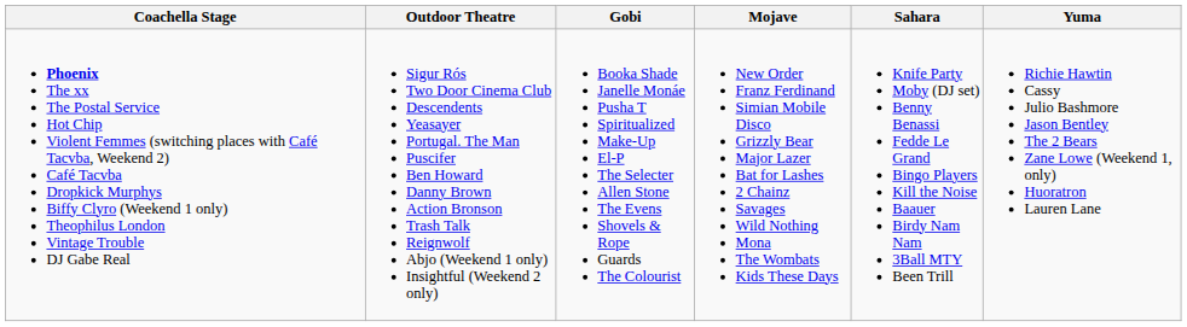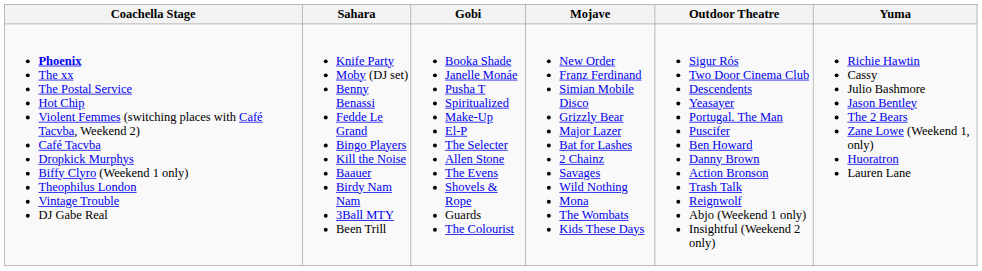 <table class="wikitable">
 <tr>
 <th>Coachella Stage</th>
-<th>Outdoor Theatre</th>
+<th>Sahara</th>
 <th>Gobi</th>
 <th>Mojave</th>
-<th>Sahara</th>
+<th>Outdoor Theatre</th>
 <th>Yuma</th>
 </tr>
 <tr valign="top">
 <td><br><ul><li><strong><a href='#'>Phoenix</a></strong></li><li><a href='#'>The xx</a></li><li><a href='#'>The Postal Service</a></li><li><a href='#'>Hot Chip</a></li><li><a href='#'>Violent Femmes</a> (switching places with <a href='#'>Café Tacvba</a>, Weekend 2)</li><li><a href='#'>Café Tacvba</a></li><li><a href='#'>Dropkick Murphys</a></li><li><a href='#'>Biffy Clyro</a> (Weekend 1 only)</li><li><a href='#'>Theophilus London</a></li><li><a href='#'>Vintage Trouble</a></li><li>DJ Gabe Real</li></ul></td>
-<td><br><ul><li><a href='#'>Sigur Rós</a></li><li><a href='#'>Two Door Cinema Club</a></li><li><a href='#'>Descendents</a></li><li><a href='#'>Yeasayer</a></li><li><a href='#'>Portugal. The Man</a></li><li><a href='#'>Puscifer</a></li><li><a href='#'>Ben Howard</a></li><li><a href='#'>Danny Brown</a></li><li><a href='#'>Action Bronson</a></li><li><a href='#'>Trash Talk</a></li><li><a href='#'>Reignwolf</a></li><li>Abjo (Weekend 1 only)</li><li>Insightful (Weekend 2 only)</li></ul></td>
+<td><br><ul><li><a href='#'>Knife Party</a></li><li><a href='#'>Moby</a> (DJ set)</li><li><a href='#'>Benny Benassi</a></li><li><a href='#'>Fedde Le Grand</a></li><li><a href='#'>Bingo Players</a></li><li><a href='#'>Kill the Noise</a></li><li><a href='#'>Baauer</a></li><li><a href='#'>Birdy Nam Nam</a></li><li><a href='#'>3Ball MTY</a></li><li>Been Trill</li></ul></td>
 <td><br><ul><li><a href='#'>Booka Shade</a></li><li><a href='#'>Janelle Monáe</a></li><li><a href='#'>Pusha T</a></li><li><a href='#'>Spiritualized</a></li><li><a href='#'>Make-Up</a></li><li><a href='#'>El-P</a></li><li><a href='#'>The Selecter</a></li><li><a href='#'>Allen Stone</a></li><li><a href='#'>The Evens</a></li><li><a href='#'>Shovels & Rope</a></li><li>Guards</li><li><a href='#'>The Colourist</a></li></ul></td>
 <td><br><ul><li><a href='#'>New Order</a></li><li><a href='#'>Franz Ferdinand</a></li><li><a href='#'>Simian Mobile Disco</a></li><li><a href='#'>Grizzly Bear</a></li><li><a href='#'>Major Lazer</a></li><li><a href='#'>Bat for Lashes</a></li><li><a href='#'>2 Chainz</a></li><li><a href='#'>Savages</a></li><li><a href='#'>Wild Nothing</a></li><li><a href='#'>Mona</a></li><li><a href='#'>The Wombats</a></li><li><a href='#'>Kids These Days</a></li></ul></td>
-<td><br><ul><li><a href='#'>Knife Party</a></li><li><a href='#'>Moby</a> (DJ set)</li><li><a href='#'>Benny Benassi</a></li><li><a href='#'>Fedde Le Grand</a></li><li><a href='#'>Bingo Players</a></li><li><a href='#'>Kill the Noise</a></li><li><a href='#'>Baauer</a></li><li><a href='#'>Birdy Nam Nam</a></li><li><a href='#'>3Ball MTY</a></li><li>Been Trill</li></ul></td>
+<td><br><ul><li><a href='#'>Sigur Rós</a></li><li><a href='#'>Two Door Cinema Club</a></li><li><a href='#'>Descendents</a></li><li><a href='#'>Yeasayer</a></li><li><a href='#'>Portugal. The Man</a></li><li><a href='#'>Puscifer</a></li><li><a href='#'>Ben Howard</a></li><li><a href='#'>Danny Brown</a></li><li><a href='#'>Action Bronson</a></li><li><a href='#'>Trash Talk</a></li><li><a href='#'>Reignwolf</a></li><li>Abjo (Weekend 1 only)</li><li>Insightful (Weekend 2 only)</li></ul></td>
 <td><br><ul><li><a href='#'>Richie Hawtin</a></li><li>Cassy</li><li>Julio Bashmore</li><li><a href='#'>Jason Bentley</a></li><li><a href='#'>The 2 Bears</a></li><li><a href='#'>Zane Lowe</a> (Weekend 1, only)</li><li><a href='#'>Huoratron</a></li><li>Lauren Lane</li></ul></td>
 </tr>
 </table>
